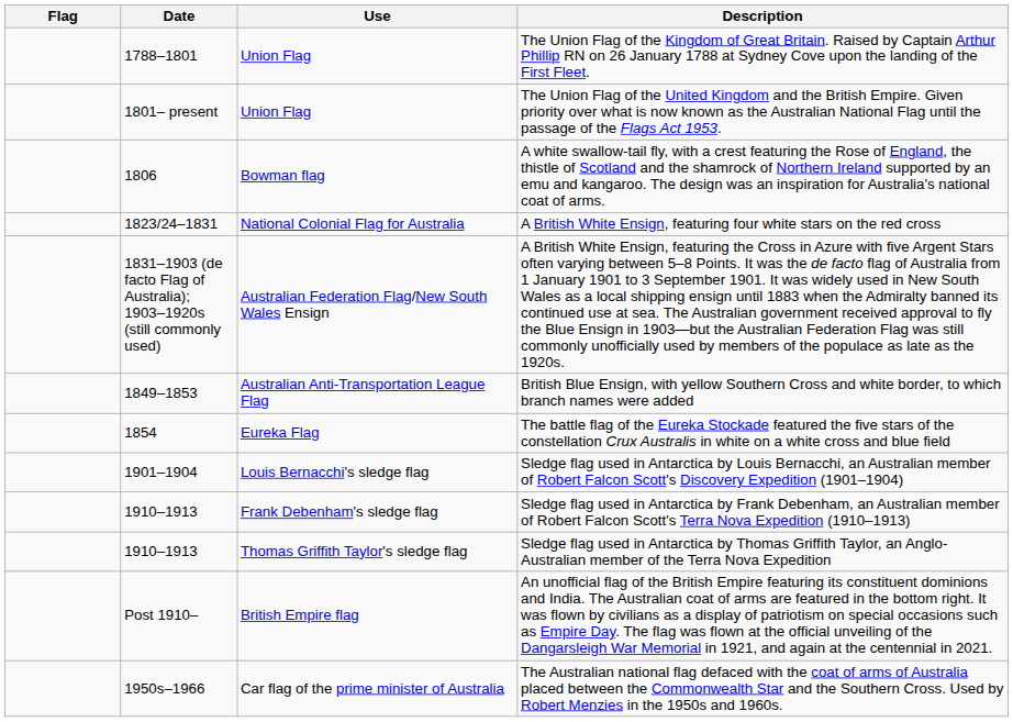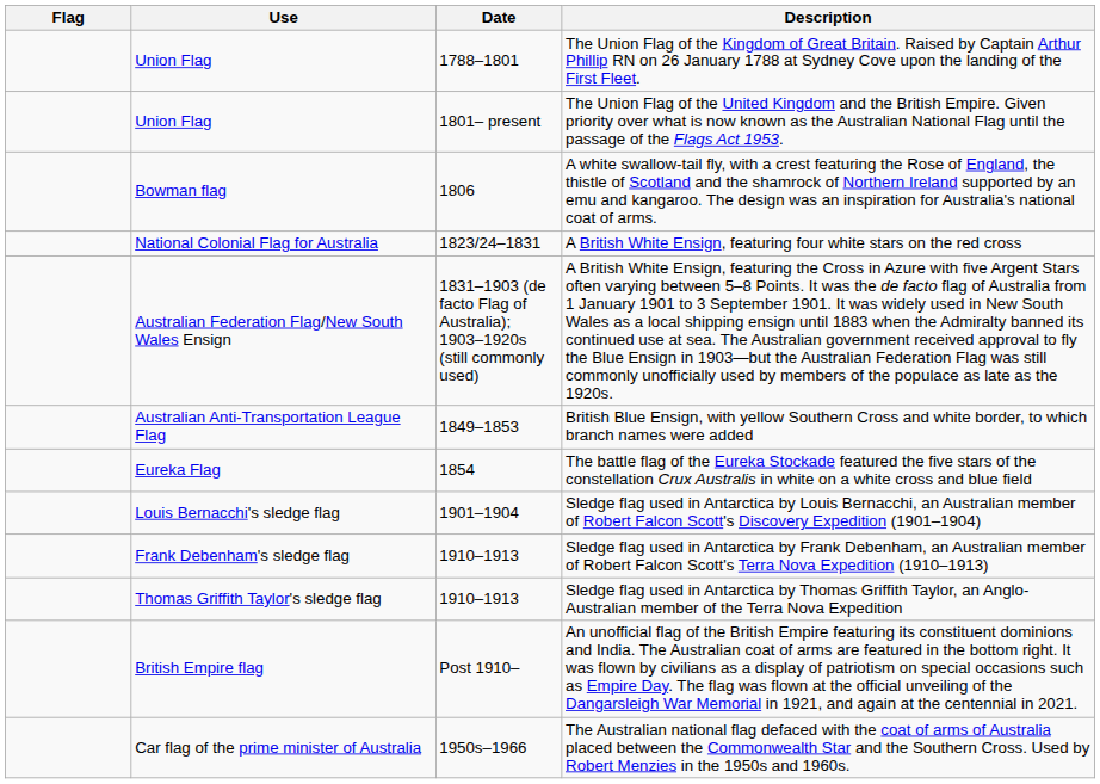 <table class="wikitable">
 <tr>
 <th scope="col" style="width:120px;">Flag</th>
+<th scope="col" style="width:300px;">Use</th>
 <th scope="col" style="width:120px;">Date</th>
-<th scope="col" style="width:300px;">Use</th>
 <th scope="col" style="width:530px;">Description</th>
 </tr>
 <tr>
 <td></td>
+<td><a href='#'>Union Flag</a></td>
 <td>1788–1801</td>
-<td><a href='#'>Union Flag</a></td>
 <td>The Union Flag of the <a href='#'>Kingdom of Great Britain</a>. Raised by Captain <a href='#'>Arthur Phillip</a> RN on 26 January 1788 at Sydney Cove upon the landing of the <a href='#'>First Fleet</a>.</td>
 </tr>
 <tr>
 <td></td>
+<td><a href='#'>Union Flag</a></td>
 <td>1801– present</td>
-<td><a href='#'>Union Flag</a></td>
 <td>The Union Flag of the <a href='#'>United Kingdom</a> and the British Empire. Given priority over what is now known as the Australian National Flag until the passage of the <em><a href='#'>Flags Act 1953</a></em>.</td>
 </tr>
 <tr>
 <td></td>
+<td><a href='#'>Bowman flag</a></td>
 <td>1806</td>
-<td><a href='#'>Bowman flag</a></td>
 <td>A white swallow-tail fly, with a crest featuring the Rose of <a href='#'>England</a>, the thistle of <a href='#'>Scotland</a> and the shamrock of <a href='#'>Northern Ireland</a> supported by an emu and kangaroo. The design was an inspiration for Australia's national coat of arms.</td>
 </tr>
 <tr>
 <td></td>
+<td><a href='#'>National Colonial Flag for Australia</a></td>
 <td>1823/24–1831</td>
-<td><a href='#'>National Colonial Flag for Australia</a></td>
 <td>A <a href='#'>British White Ensign</a>, featuring four white stars on the red cross</td>
 </tr>
 <tr>
 <td><br></td>
+<td><a href='#'>Australian Federation Flag</a>/<a href='#'>New South Wales</a> Ensign</td>
 <td>1831–1903 (de facto Flag of Australia); 1903–1920s (still commonly used)</td>
-<td><a href='#'>Australian Federation Flag</a>/<a href='#'>New South Wales</a> Ensign</td>
 <td>A British White Ensign, featuring the Cross in Azure with five Argent Stars often varying between 5–8 Points. It was the <em>de facto</em> flag of Australia from 1 January 1901 to 3 September 1901. It was widely used in New South Wales as a local shipping ensign until 1883 when the Admiralty banned its continued use at sea. The Australian government received approval to fly the Blue Ensign in 1903—but the Australian Federation Flag was still commonly unofficially used by members of the populace as late as the 1920s.</td>
 </tr>
 <tr>
 <td></td>
+<td><a href='#'>Australian Anti-Transportation League Flag</a></td>
 <td>1849–1853</td>
-<td><a href='#'>Australian Anti-Transportation League Flag</a></td>
 <td>British Blue Ensign, with yellow Southern Cross and white border, to which branch names were added</td>
 </tr>
 <tr>
 <td><br></td>
+<td><a href='#'>Eureka Flag</a></td>
 <td>1854</td>
-<td><a href='#'>Eureka Flag</a></td>
 <td>The battle flag of the <a href='#'>Eureka Stockade</a> featured the five stars of the constellation <em>Crux Australis</em> in white on a white cross and blue field</td>
 </tr>
 <tr>
 <td></td>
+<td><a href='#'>Louis Bernacchi</a>'s sledge flag</td>
 <td>1901–1904</td>
-<td><a href='#'>Louis Bernacchi</a>'s sledge flag</td>
 <td>Sledge flag used in Antarctica by Louis Bernacchi, an Australian member of <a href='#'>Robert Falcon Scott</a>'s <a href='#'>Discovery Expedition</a> (1901–1904)</td>
 </tr>
 <tr>
 <td></td>
+<td><a href='#'>Frank Debenham</a>'s sledge flag</td>
 <td>1910–1913</td>
-<td><a href='#'>Frank Debenham</a>'s sledge flag</td>
 <td>Sledge flag used in Antarctica by Frank Debenham, an Australian member of Robert Falcon Scott's <a href='#'>Terra Nova Expedition</a> (1910–1913)</td>
 </tr>
 <tr>
 <td></td>
+<td><a href='#'>Thomas Griffith Taylor</a>'s sledge flag</td>
 <td>1910–1913</td>
-<td><a href='#'>Thomas Griffith Taylor</a>'s sledge flag</td>
 <td>Sledge flag used in Antarctica by Thomas Griffith Taylor, an Anglo-Australian member of the Terra Nova Expedition</td>
 </tr>
 <tr>
 <td></td>
+<td><a href='#'>British Empire flag</a></td>
 <td>Post 1910–</td>
-<td><a href='#'>British Empire flag</a></td>
 <td>An unofficial flag of the British Empire featuring its constituent dominions and India. The Australian coat of arms are featured in the bottom right. It was flown by civilians as a display of patriotism on special occasions such as <a href='#'>Empire Day</a>. The flag was flown at the official unveiling of the <a href='#'>Dangarsleigh War Memorial</a> in 1921, and again at the centennial in 2021.</td>
 </tr>
 <tr>
 <td></td>
+<td>Car flag of the <a href='#'>prime minister of Australia</a></td>
 <td>1950s–1966</td>
-<td>Car flag of the <a href='#'>prime minister of Australia</a></td>
 <td>The Australian national flag defaced with the <a href='#'>coat of arms of Australia</a> placed between the <a href='#'>Commonwealth Star</a> and the Southern Cross. Used by <a href='#'>Robert Menzies</a> in the 1950s and 1960s.</td>
 </tr>
 </table>
